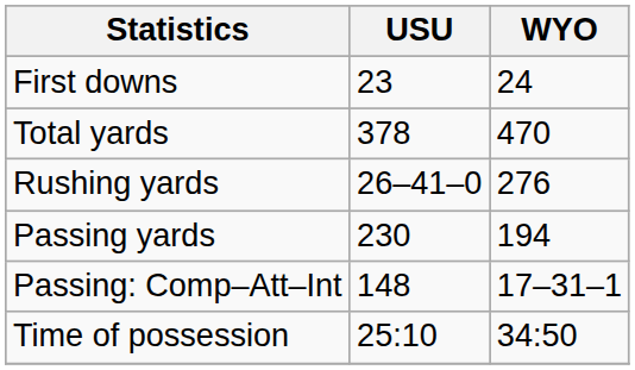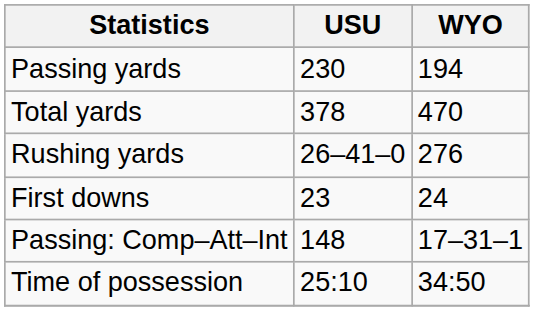 <table class="wikitable" style="float: left;">
 <tr>
 <th>Statistics</th>
 <th>USU</th>
 <th>WYO</th>
 </tr>
 <tr>
-<td>First downs</td>
-<td>23</td>
-<td>24</td>
+<td>Passing yards</td>
+<td>230</td>
+<td>194</td>
 </tr>
 <tr>
 <td>Total yards</td>
 <td>378</td>
 <td>470</td>
 </tr>
 <tr>
 <td>Rushing yards</td>
 <td>26–41–0</td>
 <td>276</td>
 </tr>
 <tr>
-<td>Passing yards</td>
-<td>230</td>
-<td>194</td>
+<td>First downs</td>
+<td>23</td>
+<td>24</td>
 </tr>
 <tr>
 <td>Passing: Comp–Att–Int</td>
 <td>148</td>
 <td>17–31–1</td>
 </tr>
 <tr>
 <td>Time of possession</td>
 <td>25:10</td>
 <td>34:50</td>
 </tr>
 <tr>
 </tr>
 </table>
